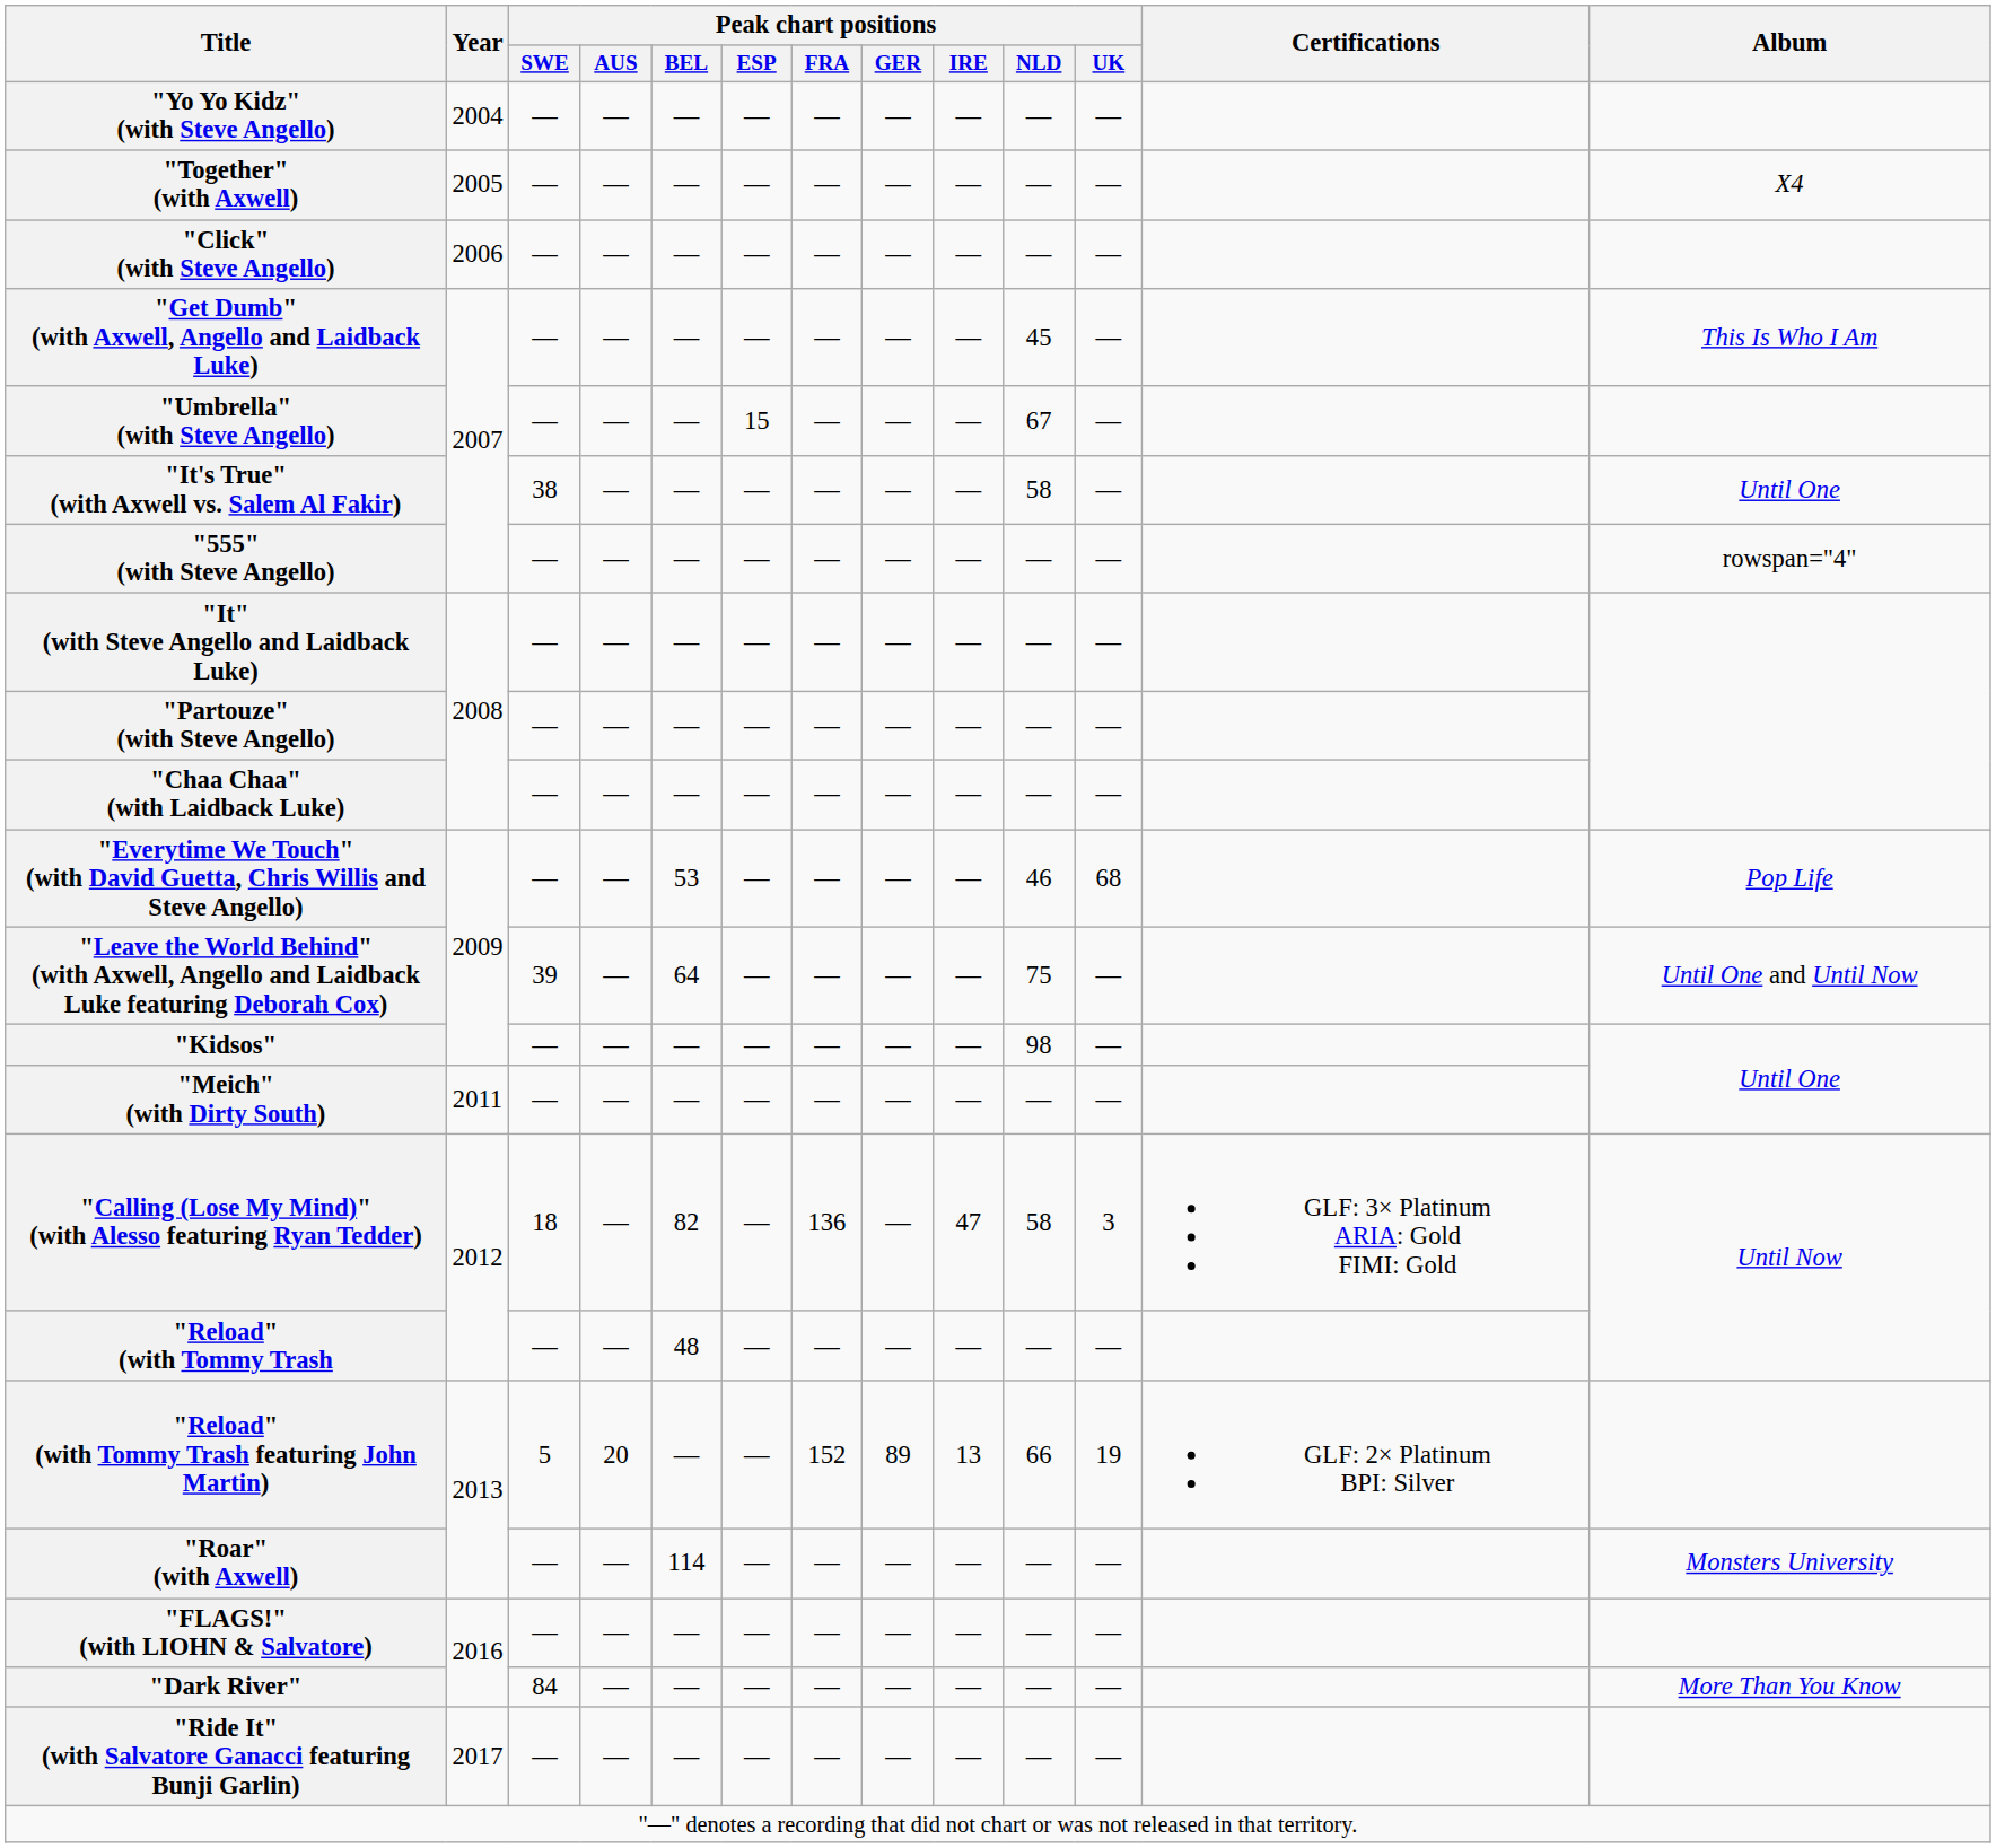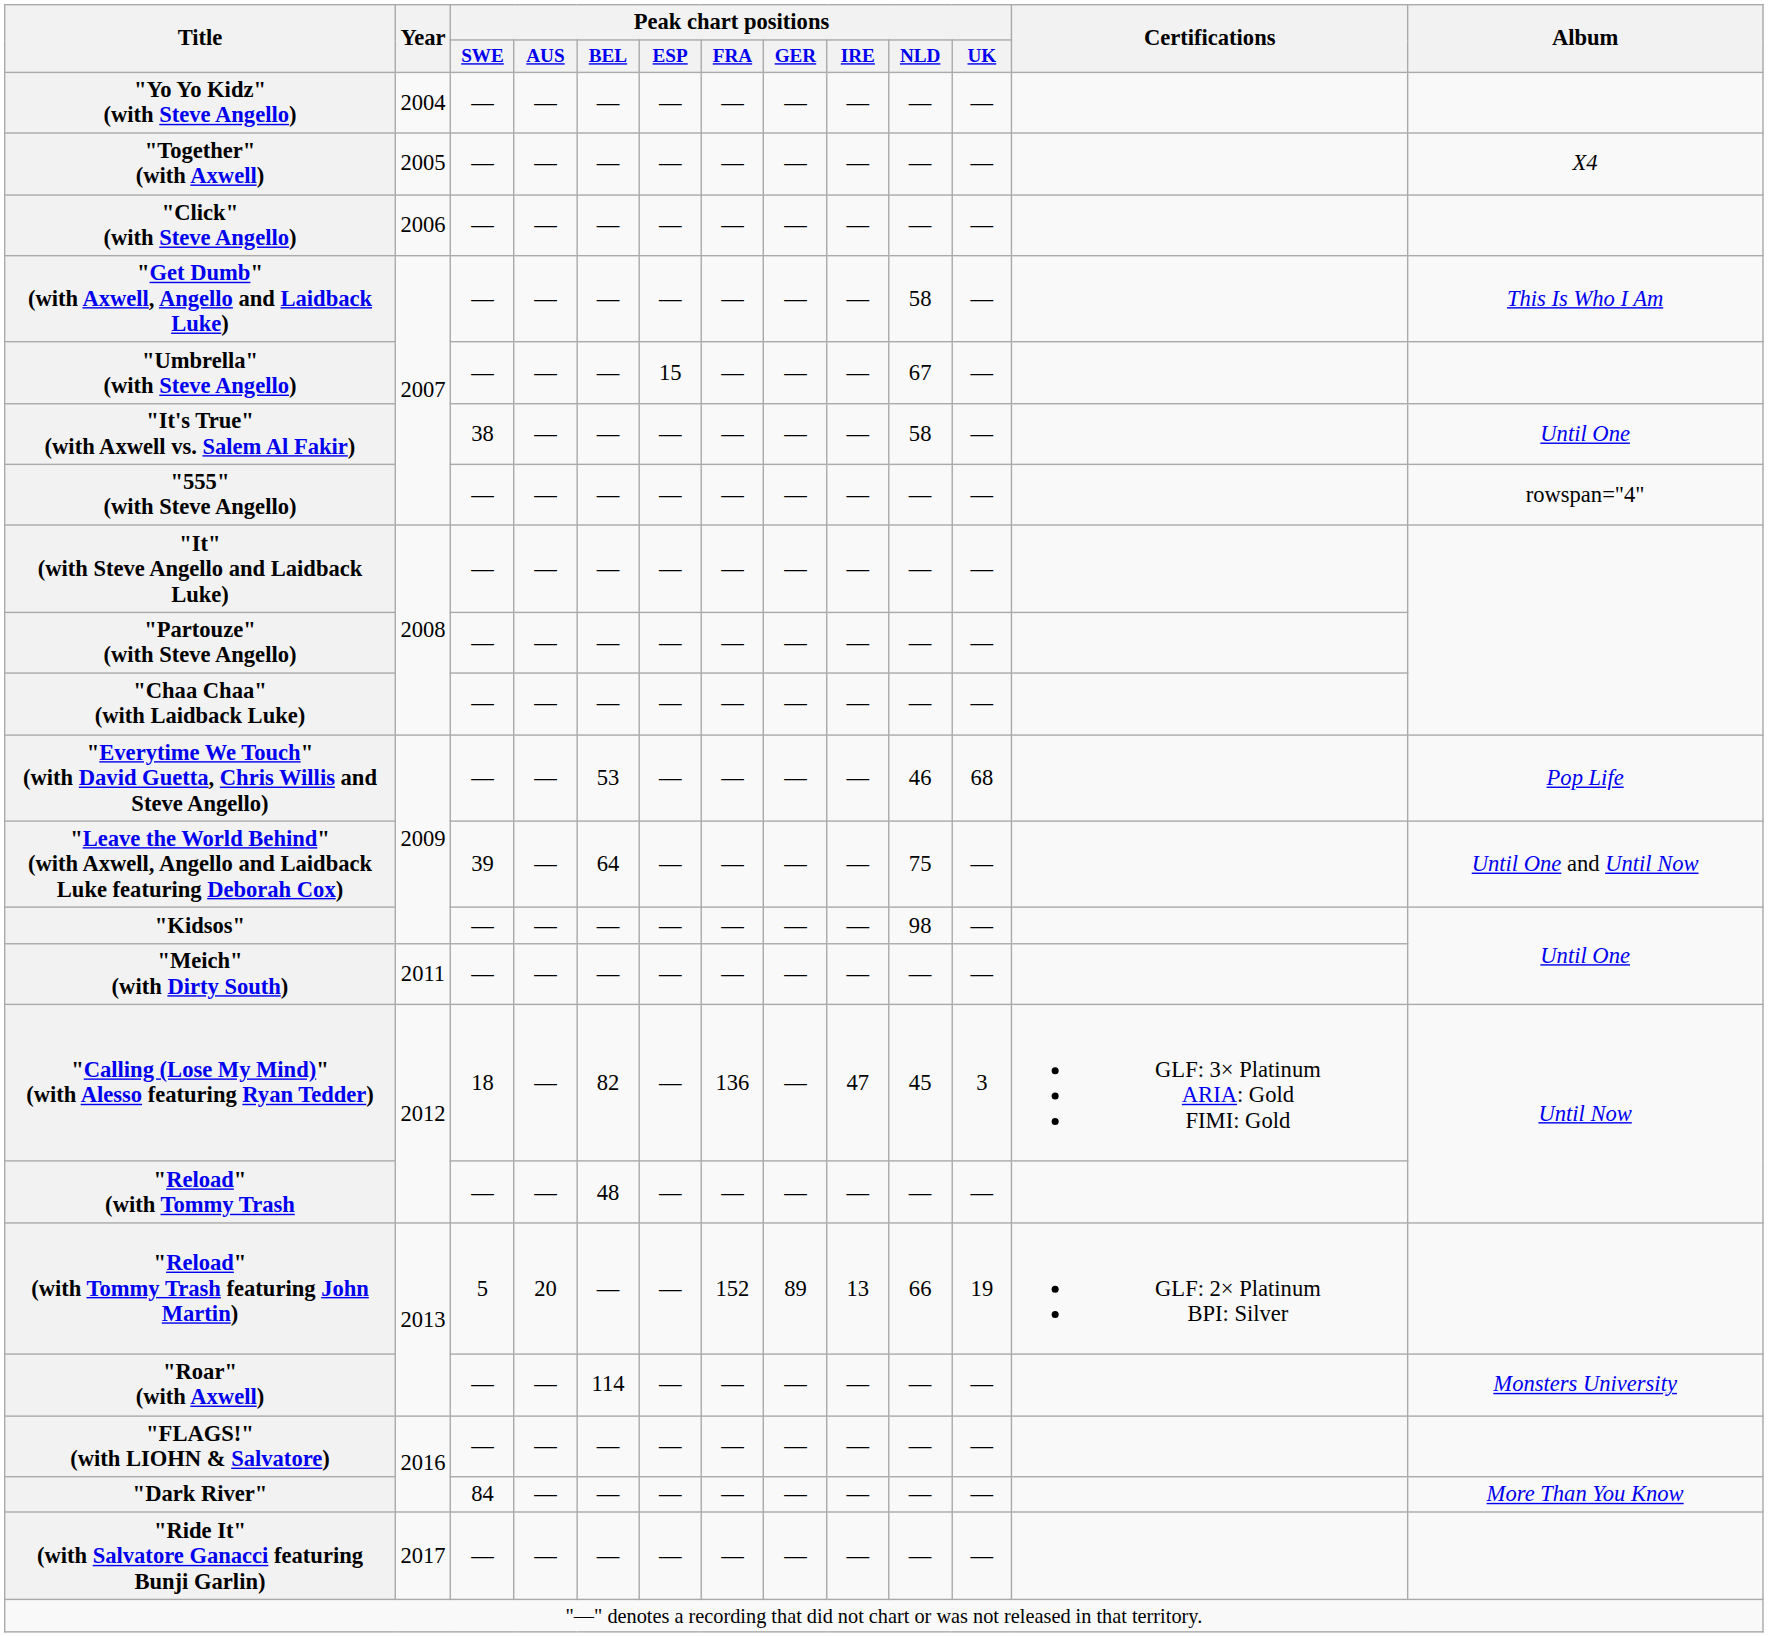 <table class="wikitable plainrowheaders" style="text-align:center;" border="1">
 <tr>
 <th scope="col" rowspan="2" style="width:20em;">Title</th>
 <th scope="col" rowspan="2" style="width:1em;">Year</th>
 <th scope="col" colspan="9">Peak chart positions</th>
 <th scope="col" rowspan="2" style="width:20em;">Certifications</th>
 <th scope="col" rowspan="2" style="width:18em;">Album</th>
 </tr>
 <tr>
 <th scope="col" style="width:3em;font-size:85%;"><a href='#'>SWE</a><br></th>
 <th scope="col" style="width:3em;font-size:85%;"><a href='#'>AUS</a><br></th>
 <th scope="col" style="width:3em;font-size:85%;"><a href='#'>BEL</a><br></th>
 <th scope="col" style="width:3em;font-size:85%;"><a href='#'>ESP</a><br></th>
 <th scope="col" style="width:3em;font-size:85%;"><a href='#'>FRA</a><br></th>
 <th scope="col" style="width:3em;font-size:85%;"><a href='#'>GER</a><br></th>
 <th scope="col" style="width:3em;font-size:85%;"><a href='#'>IRE</a><br></th>
 <th scope="col" style="width:3em;font-size:85%;"><a href='#'>NLD</a><br></th>
 <th scope="col" style="width:3em;font-size:85%;"><a href='#'>UK</a><br></th>
 </tr>
 <tr>
 <th scope="row">"Yo Yo Kidz"<br><span>(with <a href='#'>Steve Angello</a>)</span></th>
 <td>2004</td>
 <td>—</td>
 <td>—</td>
 <td>—</td>
 <td>—</td>
 <td>—</td>
 <td>—</td>
 <td>—</td>
 <td>—</td>
 <td>—</td>
 <td></td>
 <td></td>
 </tr>
 <tr>
 <th scope="row">"Together"<br><span>(with <a href='#'>Axwell</a>)</span></th>
 <td>2005</td>
 <td>—</td>
 <td>—</td>
 <td>—</td>
 <td>—</td>
 <td>—</td>
 <td>—</td>
 <td>—</td>
 <td>—</td>
 <td>—</td>
 <td></td>
 <td><em>X4</em></td>
 </tr>
 <tr>
 <th scope="row">"Click"<br><span>(with <a href='#'>Steve Angello</a>)</span></th>
 <td>2006</td>
 <td>—</td>
 <td>—</td>
 <td>—</td>
 <td>—</td>
 <td>—</td>
 <td>—</td>
 <td>—</td>
 <td>—</td>
 <td>—</td>
 <td></td>
 <td></td>
 </tr>
 <tr>
 <th scope="row">"<a href='#'>Get Dumb</a>"<br><span>(with <a href='#'>Axwell</a>, <a href='#'>Angello</a> and <a href='#'>Laidback Luke</a>)</span></th>
 <td rowspan="4">2007</td>
 <td>—</td>
 <td>—</td>
 <td>—</td>
 <td>—</td>
 <td>—</td>
 <td>—</td>
 <td>—</td>
-<td>45</td>
+<td>58</td>
 <td>—</td>
 <td></td>
 <td><em><a href='#'>This Is Who I Am</a></em></td>
 </tr>
 <tr>
 <th scope="row">"Umbrella"<br><span>(with <a href='#'>Steve Angello</a>)</span></th>
 <td>—</td>
 <td>—</td>
 <td>—</td>
 <td>15</td>
 <td>—</td>
 <td>—</td>
 <td>—</td>
 <td>67</td>
 <td>—</td>
 <td></td>
 <td></td>
 </tr>
 <tr>
 <th scope="row">"It's True"<br><span>(with Axwell vs. <a href='#'>Salem Al Fakir</a>)</span></th>
 <td>38</td>
 <td>—</td>
 <td>—</td>
 <td>—</td>
 <td>—</td>
 <td>—</td>
 <td>—</td>
 <td>58</td>
 <td>—</td>
 <td></td>
 <td><em><a href='#'>Until One</a></em></td>
 </tr>
 <tr>
 <th scope="row">"555"<br><span>(with Steve Angello)</span></th>
 <td>—</td>
 <td>—</td>
 <td>—</td>
 <td>—</td>
 <td>—</td>
 <td>—</td>
 <td>—</td>
 <td>—</td>
 <td>—</td>
 <td></td>
 <td>rowspan="4" </td>
 </tr>
 <tr>
 <th scope="row">"It"<br><span>(with Steve Angello and Laidback Luke)</span></th>
 <td rowspan="3">2008</td>
 <td>—</td>
 <td>—</td>
 <td>—</td>
 <td>—</td>
 <td>—</td>
 <td>—</td>
 <td>—</td>
 <td>—</td>
 <td>—</td>
 <td></td>
 </tr>
 <tr>
 <th scope="row">"Partouze"<br><span>(with Steve Angello)</span></th>
 <td>—</td>
 <td>—</td>
 <td>—</td>
 <td>—</td>
 <td>—</td>
 <td>—</td>
 <td>—</td>
 <td>—</td>
 <td>—</td>
 <td></td>
 </tr>
 <tr>
 <th scope="row">"Chaa Chaa"<br><span>(with Laidback Luke)</span></th>
 <td>—</td>
 <td>—</td>
 <td>—</td>
 <td>—</td>
 <td>—</td>
 <td>—</td>
 <td>—</td>
 <td>—</td>
 <td>—</td>
 <td></td>
 </tr>
 <tr>
 <th scope="row">"<a href='#'>Everytime We Touch</a>"<br><span>(with <a href='#'>David Guetta</a>, <a href='#'>Chris Willis</a> and Steve Angello)</span></th>
 <td rowspan="3">2009</td>
 <td>—</td>
 <td>—</td>
 <td>53</td>
 <td>—</td>
 <td>—</td>
 <td>—</td>
 <td>—</td>
 <td>46</td>
 <td>68</td>
 <td></td>
 <td><em><a href='#'>Pop Life</a></em></td>
 </tr>
 <tr>
 <th scope="row">"<a href='#'>Leave the World Behind</a>" <br><span>(with Axwell, Angello and Laidback Luke featuring <a href='#'>Deborah Cox</a>)</span></th>
 <td>39</td>
 <td>—</td>
 <td>64</td>
 <td>—</td>
 <td>—</td>
 <td>—</td>
 <td>—</td>
 <td>75</td>
 <td>—</td>
 <td></td>
 <td><em><a href='#'>Until One</a></em> and <em><a href='#'>Until Now</a></em></td>
 </tr>
 <tr>
 <th scope="row">"Kidsos"</th>
 <td>—</td>
 <td>—</td>
 <td>—</td>
 <td>—</td>
 <td>—</td>
 <td>—</td>
 <td>—</td>
 <td>98</td>
 <td>—</td>
 <td></td>
 <td rowspan="2"><em><a href='#'>Until One</a></em></td>
 </tr>
 <tr>
 <th scope="row">"Meich"<br><span>(with <a href='#'>Dirty South</a>)</span></th>
 <td>2011</td>
 <td>—</td>
 <td>—</td>
 <td>—</td>
 <td>—</td>
 <td>—</td>
 <td>—</td>
 <td>—</td>
 <td>—</td>
 <td>—</td>
 <td></td>
 </tr>
 <tr>
 <th scope="row">"<a href='#'>Calling (Lose My Mind)</a>"<br><span>(with <a href='#'>Alesso</a> featuring <a href='#'>Ryan Tedder</a>)</span></th>
 <td rowspan="2">2012</td>
 <td>18</td>
 <td>—</td>
 <td>82</td>
 <td>—</td>
 <td>136</td>
 <td>—</td>
 <td>47</td>
-<td>58</td>
+<td>45</td>
 <td>3</td>
 <td><br><ul><li>GLF: 3× Platinum</li><li><a href='#'>ARIA</a>: Gold</li><li>FIMI: Gold</li></ul></td>
 <td rowspan="2"><em><a href='#'>Until Now</a></em></td>
 </tr>
 <tr>
 <th scope="row">"<a href='#'>Reload</a>"<br><span>(with <a href='#'>Tommy Trash</a> </span></th>
 <td>—</td>
 <td>—</td>
 <td>48</td>
 <td>—</td>
 <td>—</td>
 <td>—</td>
 <td>—</td>
 <td>—</td>
 <td>—</td>
 <td></td>
 </tr>
 <tr>
 <th scope="row">"<a href='#'>Reload</a>"<br><span>(with <a href='#'>Tommy Trash</a> featuring <a href='#'>John Martin</a>)</span></th>
 <td rowspan="2">2013</td>
 <td>5</td>
 <td>20</td>
 <td>—</td>
 <td>—</td>
 <td>152</td>
 <td>89</td>
 <td>13</td>
 <td>66</td>
 <td>19</td>
 <td><br><ul><li>GLF: 2× Platinum</li><li>BPI: Silver</li></ul></td>
 <td></td>
 </tr>
 <tr>
 <th scope="row">"Roar"<br><span>(with <a href='#'>Axwell</a>)</span></th>
 <td>—</td>
 <td>—</td>
 <td>114</td>
 <td>—</td>
 <td>—</td>
 <td>—</td>
 <td>—</td>
 <td>—</td>
 <td>—</td>
 <td></td>
 <td><em><a href='#'>Monsters University</a></em></td>
 </tr>
 <tr>
 <th scope="row">"FLAGS!"<br><span>(with LIOHN & <a href='#'>Salvatore</a>)</span></th>
 <td rowspan="2">2016</td>
 <td>—</td>
 <td>—</td>
 <td>—</td>
 <td>—</td>
 <td>—</td>
 <td>—</td>
 <td>—</td>
 <td>—</td>
 <td>—</td>
 <td></td>
 <td></td>
 </tr>
 <tr>
 <th scope="row">"Dark River"</th>
 <td>84</td>
 <td>—</td>
 <td>—</td>
 <td>—</td>
 <td>—</td>
 <td>—</td>
 <td>—</td>
 <td>—</td>
 <td>—</td>
 <td></td>
 <td><em><a href='#'>More Than You Know</a></em></td>
 </tr>
 <tr>
 <th scope="row">"Ride It"<br><span>(with <a href='#'>Salvatore Ganacci</a> featuring Bunji Garlin)</span></th>
 <td>2017</td>
 <td>—</td>
 <td>—</td>
 <td>—</td>
 <td>—</td>
 <td>—</td>
 <td>—</td>
 <td>—</td>
 <td>—</td>
 <td>—</td>
 <td></td>
 <td></td>
 </tr>
 <tr>
 <td colspan="13" style="font-size:90%">"—" denotes a recording that did not chart or was not released in that territory.</td>
 </tr>
 </table>
